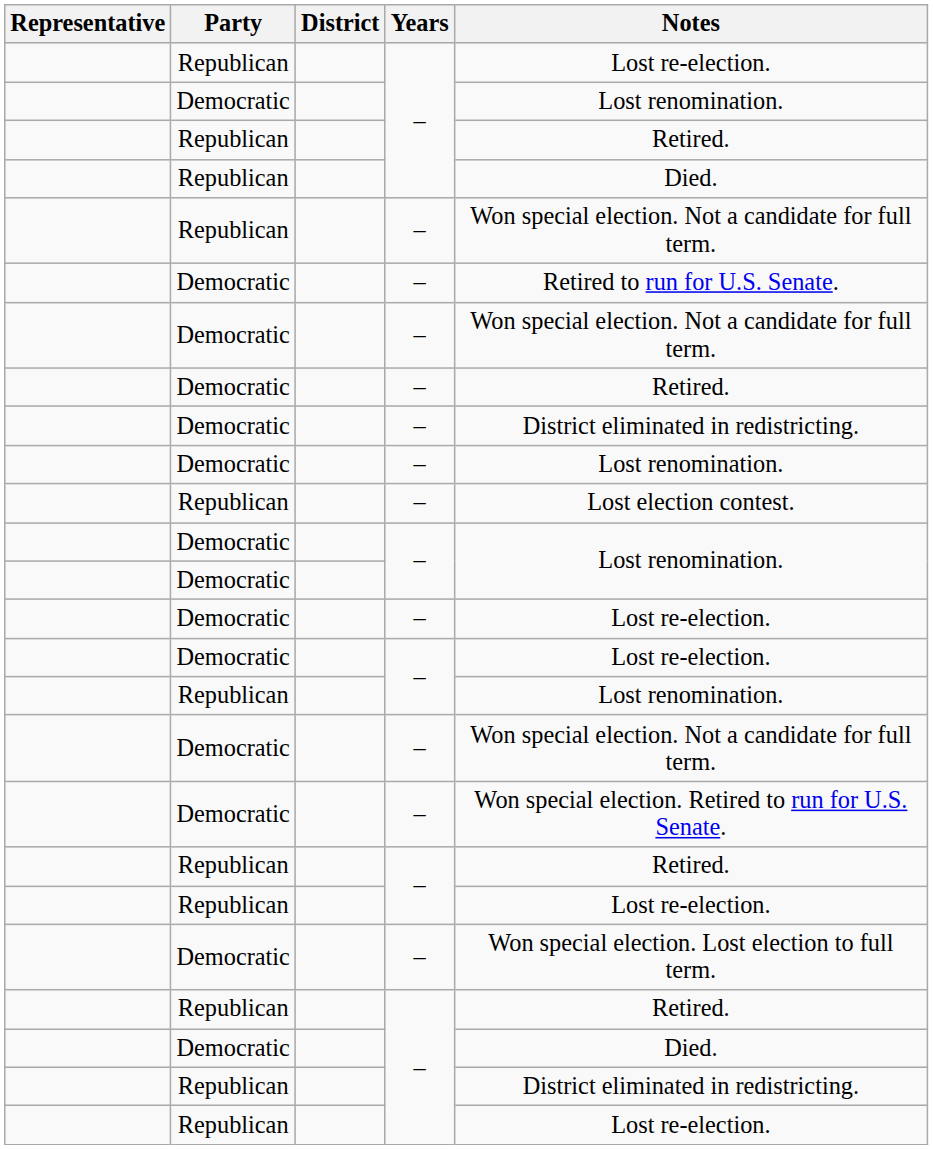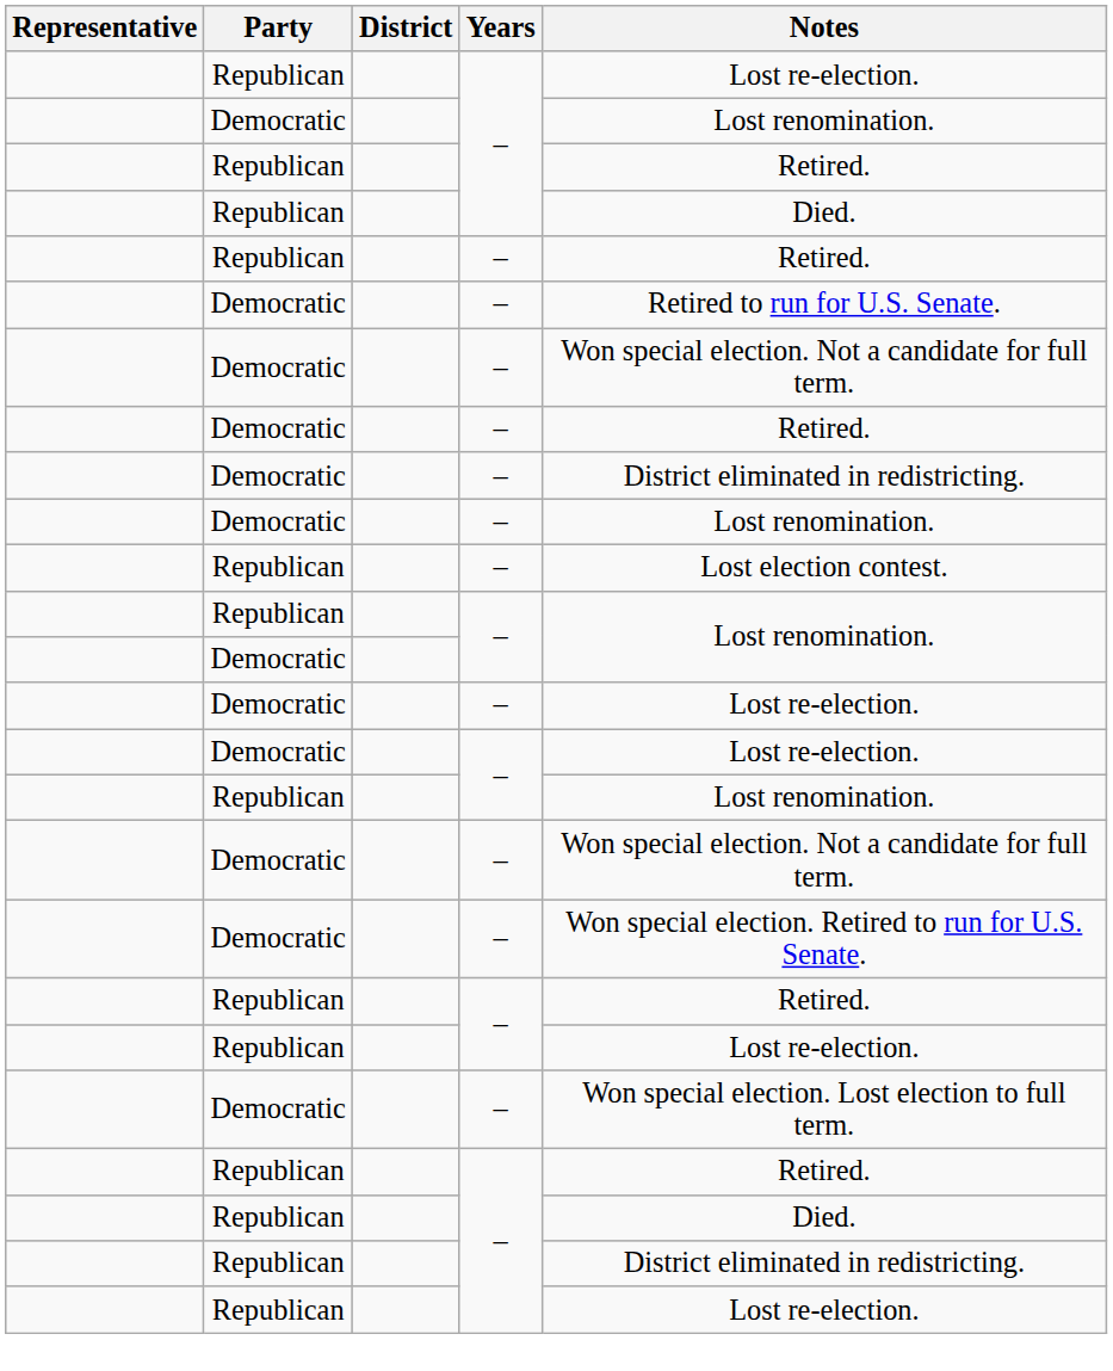 <table class="wikitable sortable" style="text-align:center">
 <tr valign=bottom>
 <th>Representative</th>
 <th>Party</th>
 <th>District</th>
 <th>Years</th>
 <th>Notes</th>
 </tr>
 <tr>
 <td align=left></td>
 <td>Republican</td>
 <td></td>
 <td rowspan="4" nowrap=""> –<br></td>
 <td>Lost re-election.</td>
 </tr>
 <tr>
 <td align=left></td>
 <td>Democratic</td>
 <td></td>
 <td>Lost renomination.</td>
 </tr>
 <tr>
 <td align=left></td>
 <td>Republican</td>
 <td></td>
 <td>Retired.</td>
 </tr>
 <tr>
 <td align=left></td>
 <td>Republican</td>
 <td></td>
 <td>Died.</td>
 </tr>
 <tr>
 <td align=left></td>
 <td>Republican</td>
 <td></td>
 <td nowrap> –<br></td>
-<td>Won special election. Not a candidate for full term.</td>
+<td>Retired.</td>
 </tr>
 <tr>
 <td align=left></td>
 <td>Democratic</td>
 <td></td>
 <td nowrap> –<br></td>
 <td>Retired to <a href='#'>run for U.S. Senate</a>.</td>
 </tr>
 <tr>
 <td align=left></td>
 <td>Democratic</td>
 <td></td>
 <td nowrap> –<br></td>
 <td>Won special election. Not a candidate for full term.</td>
 </tr>
 <tr>
 <td align=left></td>
 <td>Democratic</td>
 <td></td>
 <td nowrap> –<br></td>
 <td>Retired.</td>
 </tr>
 <tr>
 <td align=left></td>
 <td>Democratic</td>
 <td></td>
 <td nowrap> –<br></td>
 <td>District eliminated in redistricting.</td>
 </tr>
 <tr>
 <td align=left></td>
 <td>Democratic</td>
 <td></td>
 <td nowrap> –<br></td>
 <td>Lost renomination.</td>
 </tr>
 <tr>
 <td align=left></td>
 <td>Republican</td>
 <td></td>
 <td nowrap> –<br></td>
 <td>Lost election contest.</td>
 </tr>
 <tr>
 <td align=left></td>
-<td>Democratic</td>
+<td>Republican</td>
 <td></td>
 <td rowspan="2" nowrap=""> –<br></td>
 <td rowspan="2">Lost renomination.</td>
 </tr>
 <tr>
 <td align=left></td>
 <td>Democratic</td>
 <td></td>
 </tr>
 <tr>
 <td align=left></td>
 <td>Democratic</td>
 <td></td>
 <td nowrap> –<br></td>
 <td>Lost re-election.</td>
 </tr>
 <tr>
 <td align=left></td>
 <td>Democratic</td>
 <td></td>
 <td rowspan="2" nowrap=""> –<br></td>
 <td>Lost re-election.</td>
 </tr>
 <tr>
 <td align=left></td>
 <td>Republican</td>
 <td></td>
 <td>Lost renomination.</td>
 </tr>
 <tr>
 <td align=left></td>
 <td>Democratic</td>
 <td></td>
 <td nowrap> –<br></td>
 <td>Won special election. Not a candidate for full term.</td>
 </tr>
 <tr>
 <td align=left></td>
 <td>Democratic</td>
 <td></td>
 <td nowrap> –<br></td>
 <td>Won special election. Retired to <a href='#'>run for U.S. Senate</a>.</td>
 </tr>
 <tr>
 <td align=left></td>
 <td>Republican</td>
 <td></td>
 <td rowspan="2" nowrap=""> –<br></td>
 <td>Retired.</td>
 </tr>
 <tr>
 <td align=left></td>
 <td>Republican</td>
 <td></td>
 <td>Lost re-election.</td>
 </tr>
 <tr>
 <td align=left></td>
 <td>Democratic</td>
 <td></td>
 <td nowrap> –<br></td>
 <td>Won special election. Lost election to full term.</td>
 </tr>
 <tr>
 <td align=left></td>
 <td>Republican</td>
 <td></td>
 <td rowspan="4" nowrap=""> –<br></td>
 <td>Retired.</td>
 </tr>
 <tr>
 <td align=left></td>
-<td>Democratic</td>
+<td>Republican</td>
 <td></td>
 <td>Died.</td>
 </tr>
 <tr>
 <td align=left></td>
 <td>Republican</td>
 <td></td>
 <td>District eliminated in redistricting.</td>
 </tr>
 <tr>
 <td align=left></td>
 <td>Republican</td>
 <td></td>
 <td>Lost re-election.</td>
 </tr>
 </table>
